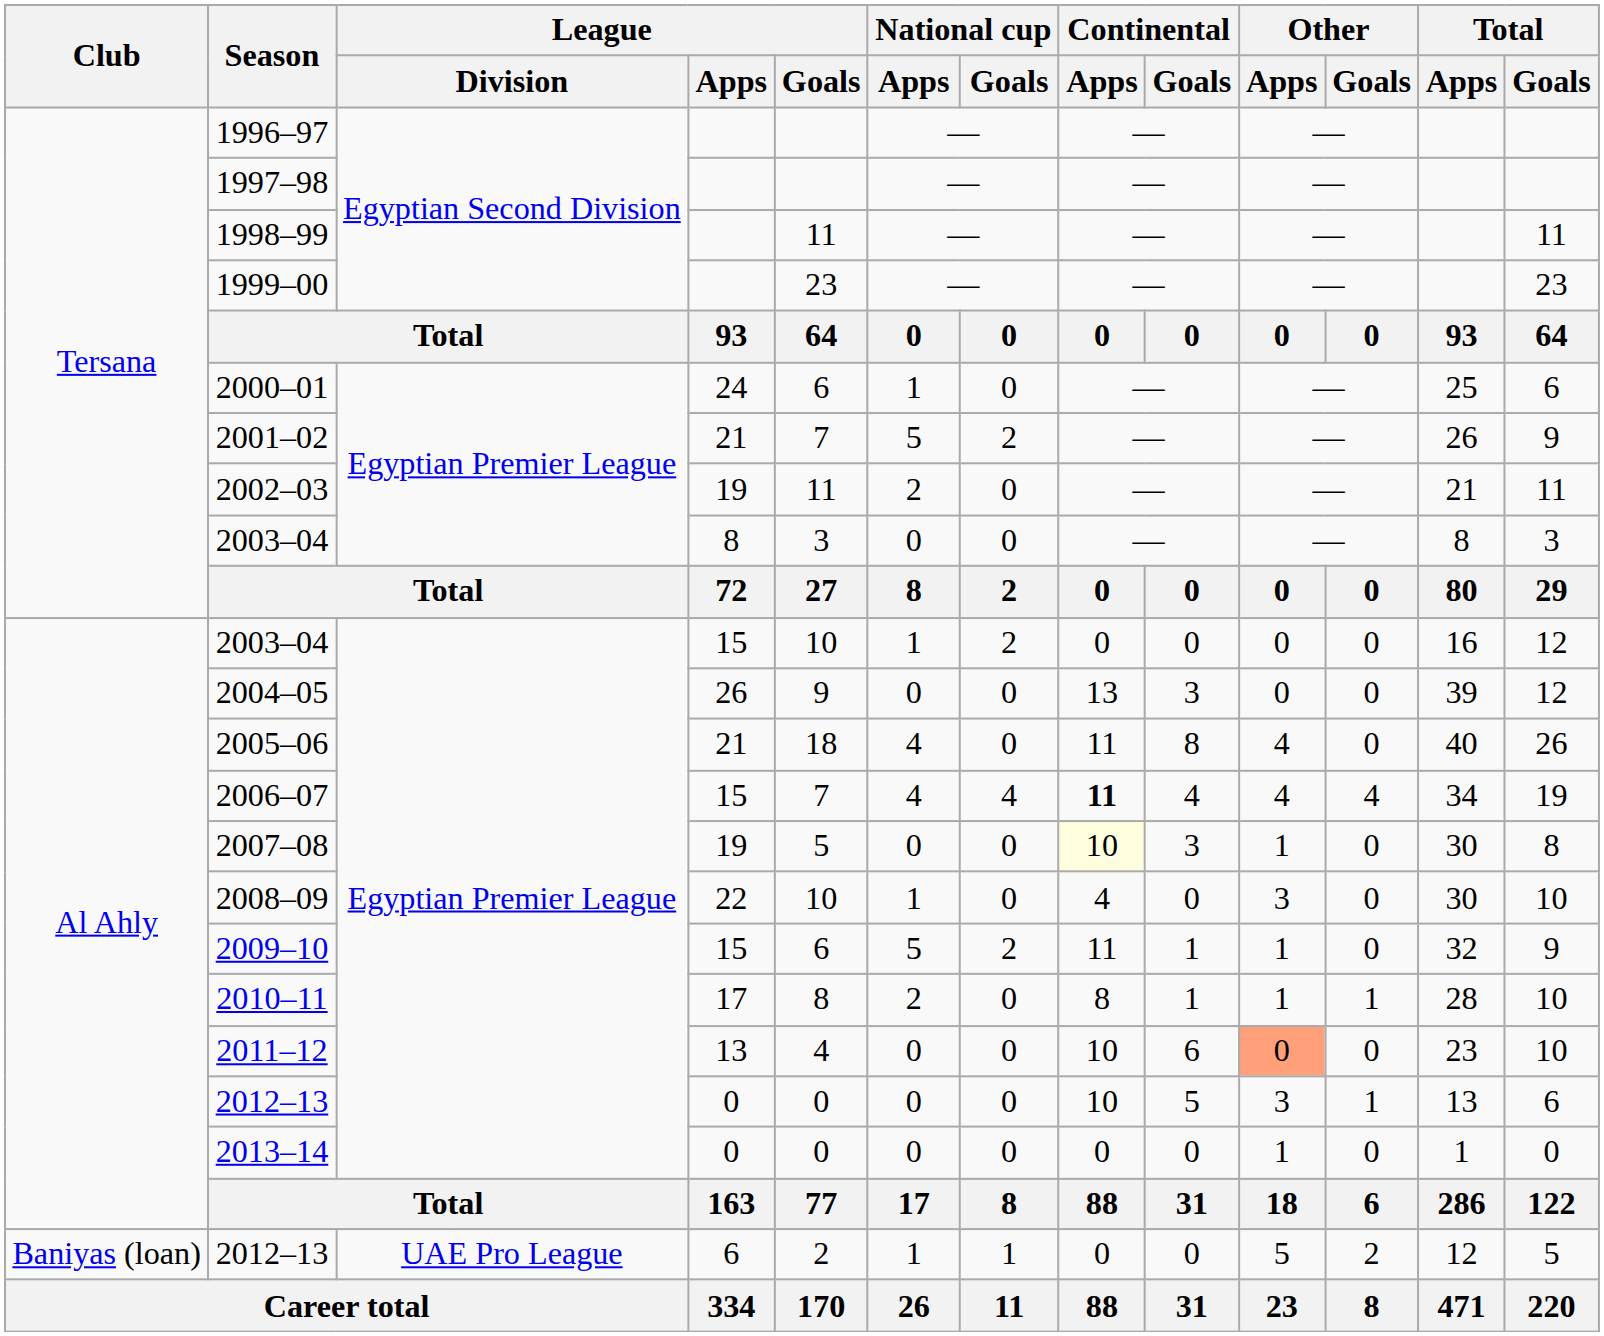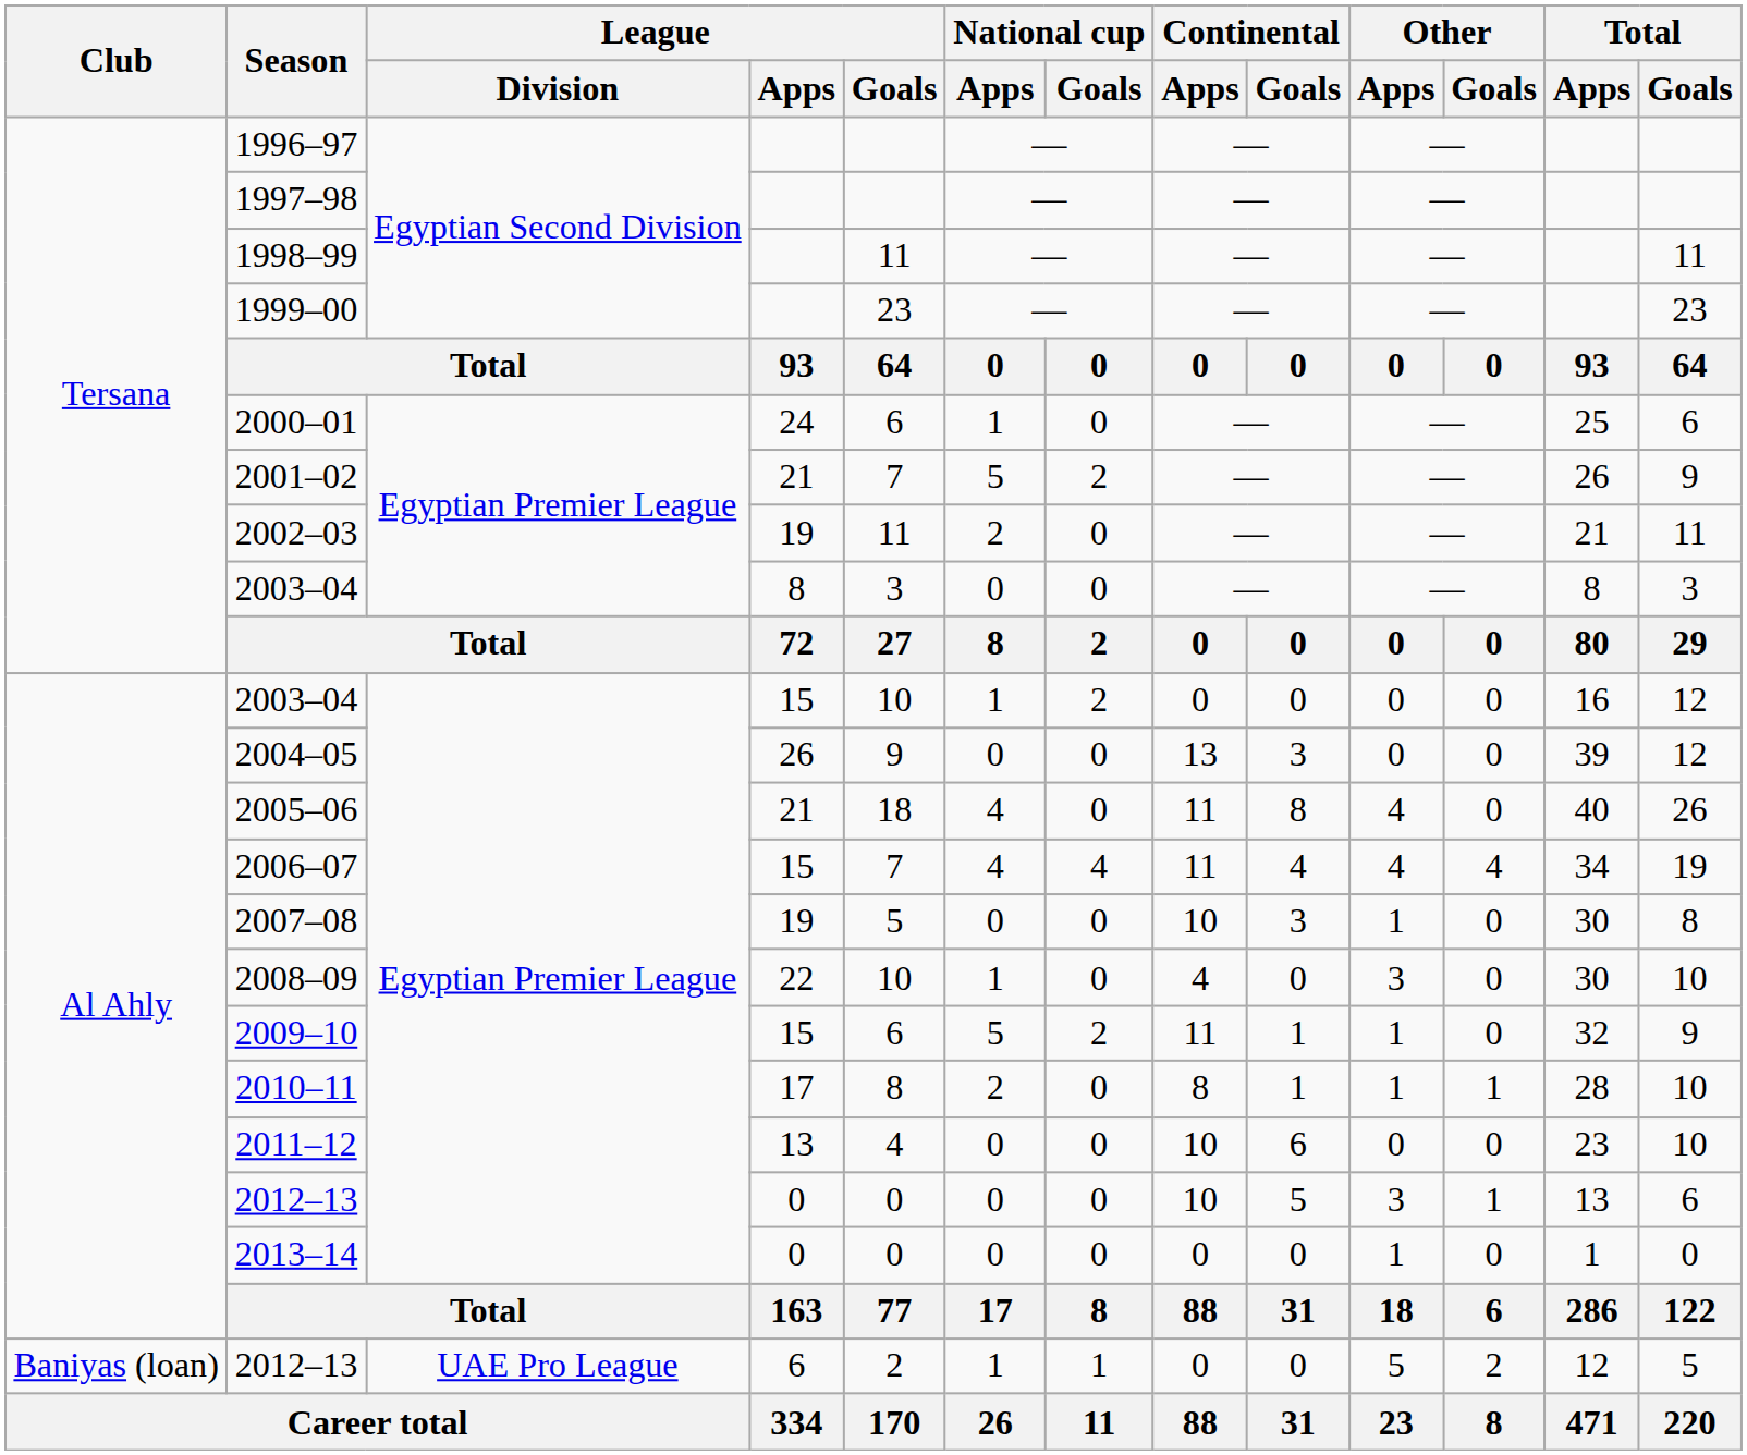 <table class="wikitable" style="text-align:center">
 <tr>
 <th rowspan="2">Club</th>
 <th rowspan="2">Season</th>
 <th colspan="3">League</th>
 <th colspan="2">National cup</th>
 <th colspan="2">Continental</th>
 <th colspan="2">Other</th>
 <th colspan="2">Total</th>
 </tr>
 <tr>
 <th>Division</th>
 <th>Apps</th>
 <th>Goals</th>
 <th>Apps</th>
 <th>Goals</th>
 <th>Apps</th>
 <th>Goals</th>
 <th>Apps</th>
 <th>Goals</th>
 <th>Apps</th>
 <th>Goals</th>
 </tr>
 <tr>
 <td rowspan="10"><a href='#'>Tersana</a></td>
 <td>1996–97</td>
 <td rowspan="4"><a href='#'>Egyptian Second Division</a></td>
 <td></td>
 <td></td>
 <td colspan="2">—</td>
 <td colspan="2">—</td>
 <td colspan="2">—</td>
 <td></td>
 <td></td>
 </tr>
 <tr>
 <td>1997–98</td>
 <td></td>
 <td></td>
 <td colspan="2">—</td>
 <td colspan="2">—</td>
 <td colspan="2">—</td>
 <td></td>
 <td></td>
 </tr>
 <tr>
 <td>1998–99</td>
 <td></td>
 <td>11</td>
 <td colspan="2">—</td>
 <td colspan="2">—</td>
 <td colspan="2">—</td>
 <td></td>
 <td>11</td>
 </tr>
 <tr>
 <td>1999–00</td>
 <td></td>
 <td>23</td>
 <td colspan="2">—</td>
 <td colspan="2">—</td>
 <td colspan="2">—</td>
 <td></td>
 <td>23</td>
 </tr>
 <tr>
 <th colspan="2">Total</th>
 <th>93</th>
 <th>64</th>
 <th>0</th>
 <th>0</th>
 <th>0</th>
 <th>0</th>
 <th>0</th>
 <th>0</th>
 <th>93</th>
 <th>64</th>
 </tr>
 <tr>
 <td>2000–01</td>
 <td rowspan="4"><a href='#'>Egyptian Premier League</a></td>
 <td>24</td>
 <td>6</td>
 <td>1</td>
 <td>0</td>
 <td colspan="2">—</td>
 <td colspan="2">—</td>
 <td>25</td>
 <td>6</td>
 </tr>
 <tr>
 <td>2001–02</td>
 <td>21</td>
 <td>7</td>
 <td>5</td>
 <td>2</td>
 <td colspan="2">—</td>
 <td colspan="2">—</td>
 <td>26</td>
 <td>9</td>
 </tr>
 <tr>
 <td>2002–03</td>
 <td>19</td>
 <td>11</td>
 <td>2</td>
 <td>0</td>
 <td colspan="2">—</td>
 <td colspan="2">—</td>
 <td>21</td>
 <td>11</td>
 </tr>
 <tr>
 <td>2003–04</td>
 <td>8</td>
 <td>3</td>
 <td>0</td>
 <td>0</td>
 <td colspan="2">—</td>
 <td colspan="2">—</td>
 <td>8</td>
 <td>3</td>
 </tr>
 <tr>
 <th colspan="2">Total</th>
 <th>72</th>
 <th>27</th>
 <th>8</th>
 <th>2</th>
 <th>0</th>
 <th>0</th>
 <th>0</th>
 <th>0</th>
 <th>80</th>
 <th>29</th>
 </tr>
 <tr>
 <td rowspan="12"><a href='#'>Al Ahly</a></td>
 <td>2003–04</td>
 <td rowspan="11"><a href='#'>Egyptian Premier League</a></td>
 <td>15</td>
 <td>10</td>
 <td>1</td>
 <td>2</td>
 <td>0</td>
 <td>0</td>
 <td>0</td>
 <td>0</td>
 <td>16</td>
 <td>12</td>
 </tr>
 <tr>
 <td>2004–05</td>
 <td>26</td>
 <td>9</td>
 <td>0</td>
 <td>0</td>
 <td>13</td>
 <td>3</td>
 <td>0</td>
 <td>0</td>
 <td>39</td>
 <td>12</td>
 </tr>
 <tr>
 <td>2005–06</td>
 <td>21</td>
 <td>18</td>
 <td>4</td>
 <td>0</td>
 <td>11</td>
 <td>8</td>
 <td>4</td>
 <td>0</td>
 <td>40</td>
 <td>26</td>
 </tr>
 <tr>
 <td>2006–07</td>
 <td>15</td>
 <td>7</td>
 <td>4</td>
 <td>4</td>
-<td><strong>11</strong></td>
+<td>11</td>
 <td>4</td>
 <td>4</td>
 <td>4</td>
 <td>34</td>
 <td>19</td>
 </tr>
 <tr>
 <td>2007–08</td>
 <td>19</td>
 <td>5</td>
 <td>0</td>
 <td>0</td>
-<td style="background: lightyellow;">10</td>
+<td>10</td>
 <td>3</td>
 <td>1</td>
 <td>0</td>
 <td>30</td>
 <td>8</td>
 </tr>
 <tr>
 <td>2008–09</td>
 <td>22</td>
 <td>10</td>
 <td>1</td>
 <td>0</td>
 <td>4</td>
 <td>0</td>
 <td>3</td>
 <td>0</td>
 <td>30</td>
 <td>10</td>
 </tr>
 <tr>
 <td><a href='#'>2009–10</a></td>
 <td>15</td>
 <td>6</td>
 <td>5</td>
 <td>2</td>
 <td>11</td>
 <td>1</td>
 <td>1</td>
 <td>0</td>
 <td>32</td>
 <td>9</td>
 </tr>
 <tr>
 <td><a href='#'>2010–11</a></td>
 <td>17</td>
 <td>8</td>
 <td>2</td>
 <td>0</td>
 <td>8</td>
 <td>1</td>
 <td>1</td>
 <td>1</td>
 <td>28</td>
 <td>10</td>
 </tr>
 <tr>
 <td><a href='#'>2011–12</a></td>
 <td>13</td>
 <td>4</td>
 <td>0</td>
 <td>0</td>
 <td>10</td>
 <td>6</td>
-<td style="background: lightsalmon;">0</td>
+<td>0</td>
 <td>0</td>
 <td>23</td>
 <td>10</td>
 </tr>
 <tr>
 <td><a href='#'>2012–13</a></td>
 <td>0</td>
 <td>0</td>
 <td>0</td>
 <td>0</td>
 <td>10</td>
 <td>5</td>
 <td>3</td>
 <td>1</td>
 <td>13</td>
 <td>6</td>
 </tr>
 <tr>
 <td><a href='#'>2013–14</a></td>
 <td>0</td>
 <td>0</td>
 <td>0</td>
 <td>0</td>
 <td>0</td>
 <td>0</td>
 <td>1</td>
 <td>0</td>
 <td>1</td>
 <td>0</td>
 </tr>
 <tr>
 <th colspan="2">Total</th>
 <th>163</th>
 <th>77</th>
 <th>17</th>
 <th>8</th>
 <th>88</th>
 <th>31</th>
 <th>18</th>
 <th>6</th>
 <th>286</th>
 <th>122</th>
 </tr>
 <tr>
 <td><a href='#'>Baniyas</a> (loan)</td>
 <td>2012–13</td>
 <td><a href='#'>UAE Pro League</a></td>
 <td>6</td>
 <td>2</td>
 <td>1</td>
 <td>1</td>
 <td>0</td>
 <td>0</td>
 <td>5</td>
 <td>2</td>
 <td>12</td>
 <td>5</td>
 </tr>
 <tr>
 <th colspan="3">Career total</th>
 <th>334</th>
 <th>170</th>
 <th>26</th>
 <th>11</th>
 <th>88</th>
 <th>31</th>
 <th>23</th>
 <th>8</th>
 <th>471</th>
 <th>220</th>
 </tr>
 </table>
